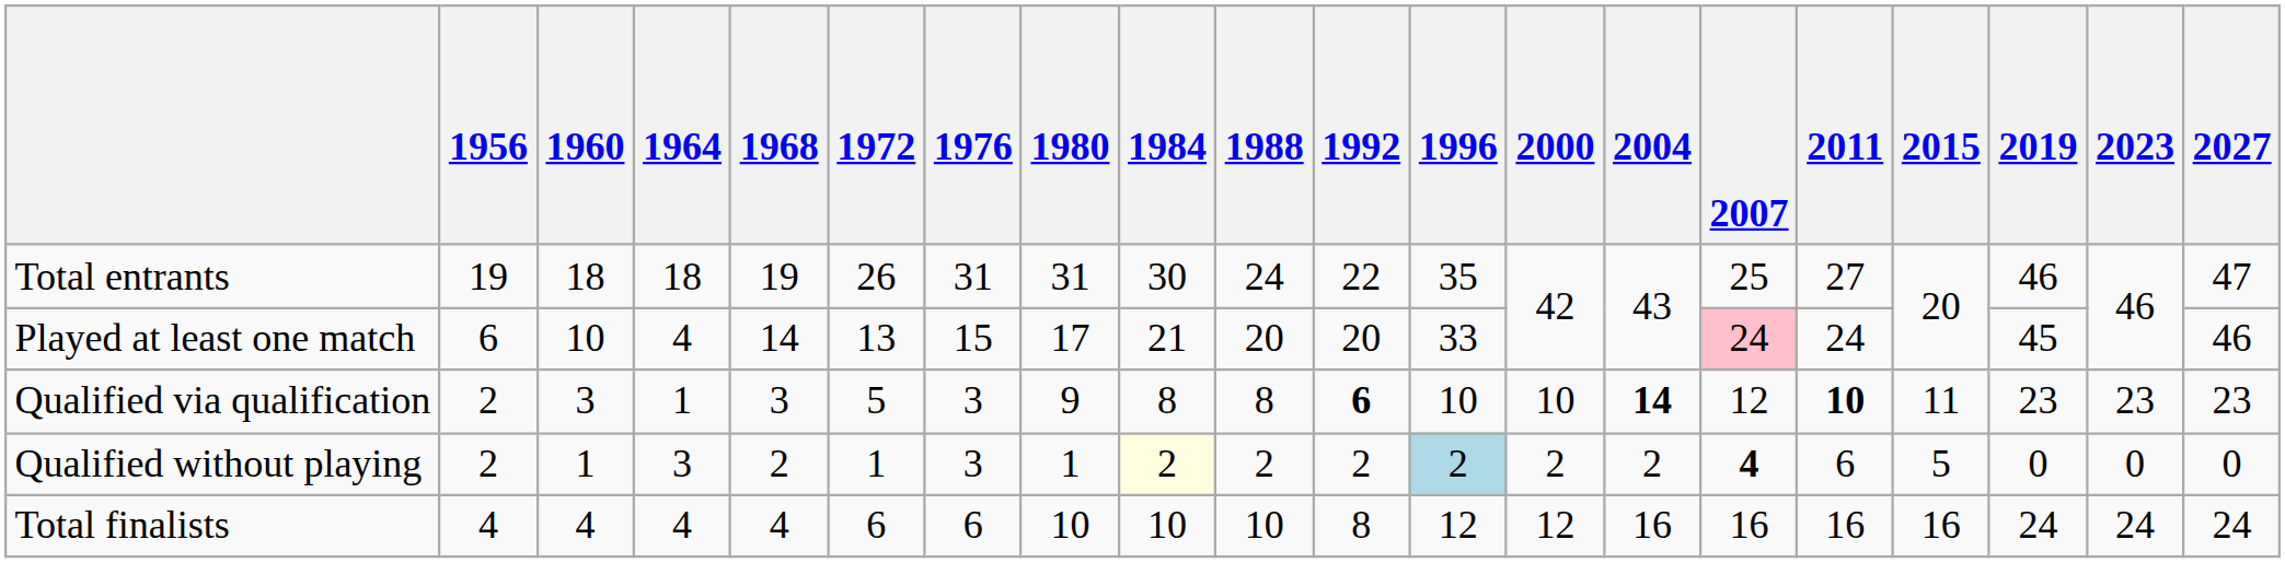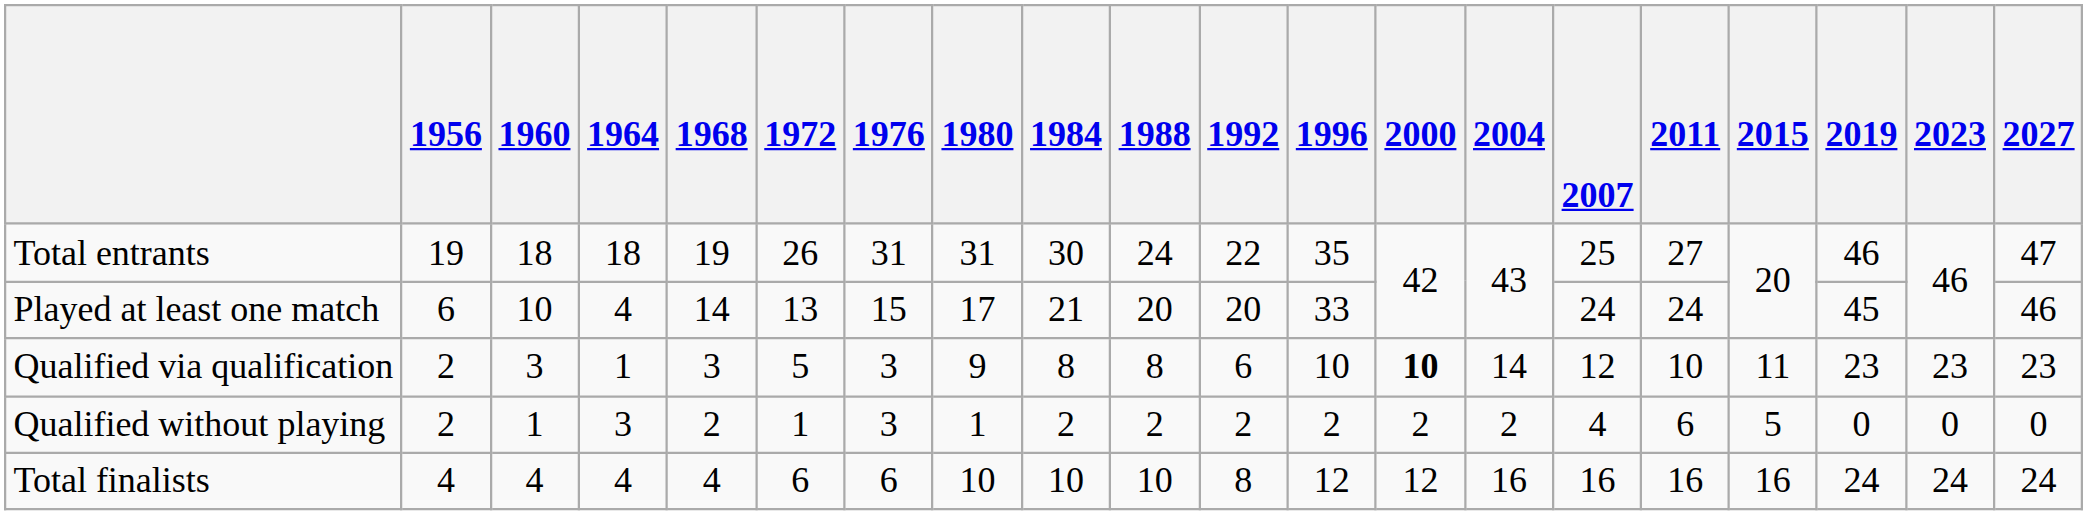 <table class="wikitable" style="text-align:center;">
 <tr>
 <th></th>
 <th> <br> <a href='#'>1956</a></th>
 <th> <br> <a href='#'>1960</a></th>
 <th> <br> <a href='#'>1964</a></th>
 <th> <br> <a href='#'>1968</a></th>
 <th> <br> <a href='#'>1972</a></th>
 <th> <br> <a href='#'>1976</a></th>
 <th> <br> <a href='#'>1980</a></th>
 <th> <br> <a href='#'>1984</a></th>
 <th> <br> <a href='#'>1988</a></th>
 <th> <br> <a href='#'>1992</a></th>
 <th> <br> <a href='#'>1996</a></th>
 <th> <br> <a href='#'>2000</a></th>
 <th> <br> <a href='#'>2004</a></th>
 <th> <br>  <br>  <br>  <br> <a href='#'>2007</a></th>
 <th> <br> <a href='#'>2011</a></th>
 <th> <br> <a href='#'>2015</a></th>
 <th> <br> <a href='#'>2019</a></th>
 <th> <br> <a href='#'>2023</a></th>
 <th> <br> <a href='#'>2027</a></th>
 </tr>
 <tr>
 <td align=left>Total entrants</td>
 <td>19</td>
 <td>18</td>
 <td>18</td>
 <td>19</td>
 <td>26</td>
 <td>31</td>
 <td>31</td>
 <td>30</td>
 <td>24</td>
 <td>22</td>
 <td>35</td>
 <td rowspan="2">42</td>
 <td rowspan="2">43</td>
 <td>25</td>
 <td>27</td>
 <td rowspan="2">20</td>
 <td>46</td>
 <td rowspan="2">46</td>
 <td>47</td>
 </tr>
 <tr>
 <td align=left>Played at least one match</td>
 <td>6</td>
 <td>10</td>
 <td>4</td>
 <td>14</td>
 <td>13</td>
 <td>15</td>
 <td>17</td>
 <td>21</td>
 <td>20</td>
 <td>20</td>
 <td>33</td>
-<td style="background: pink;">24</td>
+<td>24</td>
 <td>24</td>
 <td>45</td>
 <td>46</td>
 </tr>
 <tr>
 <td align=left>Qualified via qualification</td>
 <td>2</td>
 <td>3</td>
 <td>1</td>
 <td>3</td>
 <td>5</td>
 <td>3</td>
 <td>9</td>
 <td>8</td>
 <td>8</td>
-<td><strong>6</strong></td>
+<td>6</td>
 <td>10</td>
+<td><strong>10</strong></td>
+<td>14</td>
+<td>12</td>
 <td>10</td>
-<td><strong>14</strong></td>
-<td>12</td>
-<td><strong>10</strong></td>
 <td>11</td>
 <td>23</td>
 <td>23</td>
 <td>23</td>
 </tr>
 <tr>
 <td align=left>Qualified without playing</td>
 <td>2</td>
 <td>1</td>
 <td>3</td>
 <td>2</td>
 <td>1</td>
 <td>3</td>
 <td>1</td>
-<td style="background: lightyellow;">2</td>
 <td>2</td>
 <td>2</td>
-<td style="background: lightblue;">2</td>
 <td>2</td>
 <td>2</td>
-<td><strong>4</strong></td>
+<td>2</td>
+<td>2</td>
+<td>4</td>
 <td>6</td>
 <td>5</td>
 <td>0</td>
 <td>0</td>
 <td>0</td>
 </tr>
 <tr>
 <td align=left>Total finalists</td>
 <td>4</td>
 <td>4</td>
 <td>4</td>
 <td>4</td>
 <td>6</td>
 <td>6</td>
 <td>10</td>
 <td>10</td>
 <td>10</td>
 <td>8</td>
 <td>12</td>
 <td>12</td>
 <td>16</td>
 <td>16</td>
 <td>16</td>
 <td>16</td>
 <td>24</td>
 <td>24</td>
 <td>24</td>
 </tr>
 </table>
